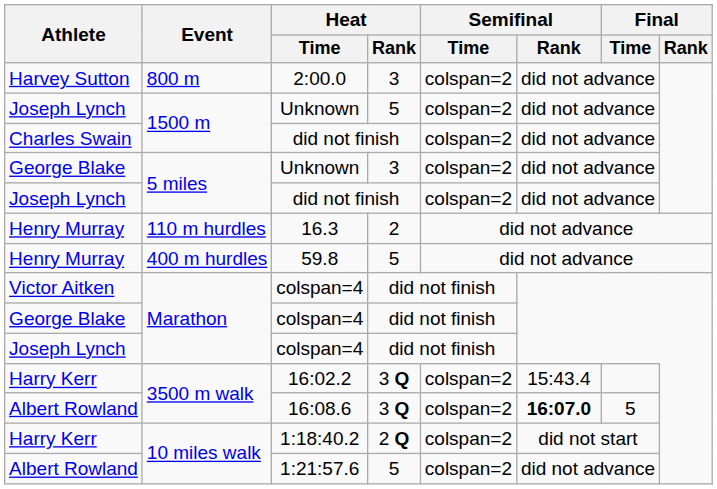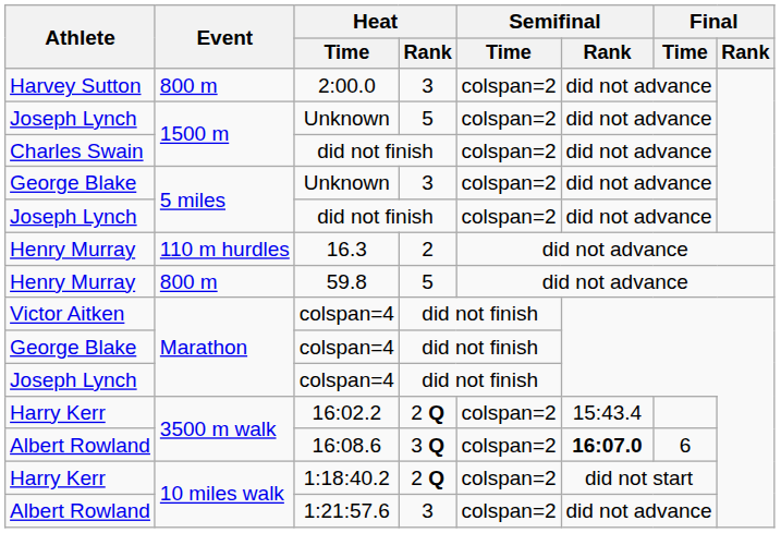 <table class=wikitable style=font-size:90%;text-align:center>
 <tr>
 <th rowspan=2>Athlete</th>
 <th rowspan=2>Event</th>
 <th colspan=2>Heat</th>
 <th colspan=2>Semifinal</th>
 <th colspan=2>Final</th>
 </tr>
 <tr style=font-size:95%>
 <th>Time</th>
 <th>Rank</th>
 <th>Time</th>
 <th>Rank</th>
 <th>Time</th>
 <th>Rank</th>
 </tr>
 <tr>
 <td align=left><a href='#'>Harvey Sutton</a></td>
 <td align=left><a href='#'>800 m</a></td>
 <td>2:00.0</td>
 <td>3</td>
 <td>colspan=2 </td>
 <td colspan=2>did not advance</td>
 </tr>
 <tr>
 <td align=left><a href='#'>Joseph Lynch</a></td>
 <td align=left rowspan=2><a href='#'>1500 m</a></td>
 <td>Unknown</td>
 <td>5</td>
 <td>colspan=2 </td>
 <td colspan=2>did not advance</td>
 </tr>
 <tr>
 <td align=left><a href='#'>Charles Swain</a></td>
 <td colspan=2>did not finish</td>
 <td>colspan=2 </td>
 <td colspan=2>did not advance</td>
 </tr>
 <tr>
 <td align=left><a href='#'>George Blake</a></td>
 <td align=left rowspan=2><a href='#'>5 miles</a></td>
 <td>Unknown</td>
 <td>3</td>
 <td>colspan=2 </td>
 <td colspan=2>did not advance</td>
 </tr>
 <tr>
 <td align=left><a href='#'>Joseph Lynch</a></td>
 <td colspan=2>did not finish</td>
 <td>colspan=2 </td>
 <td colspan=2>did not advance</td>
 </tr>
 <tr>
 <td align=left><a href='#'>Henry Murray</a></td>
 <td align=left><a href='#'>110 m hurdles</a></td>
 <td>16.3</td>
 <td>2</td>
 <td colspan=4>did not advance</td>
 </tr>
 <tr>
 <td align=left><a href='#'>Henry Murray</a></td>
-<td align=left><a href='#'>400 m hurdles</a></td>
+<td align=left><a href='#'>800 m</a></td>
 <td>59.8</td>
 <td>5</td>
 <td colspan=4>did not advance</td>
 </tr>
 <tr>
 <td align=left><a href='#'>Victor Aitken</a></td>
 <td align=left rowspan=3><a href='#'>Marathon</a></td>
 <td>colspan=4 </td>
 <td colspan=2>did not finish</td>
 </tr>
 <tr>
 <td align=left><a href='#'>George Blake</a></td>
 <td>colspan=4 </td>
 <td colspan=2>did not finish</td>
 </tr>
 <tr>
 <td align=left><a href='#'>Joseph Lynch</a></td>
 <td>colspan=4 </td>
 <td colspan=2>did not finish</td>
 </tr>
 <tr>
 <td align=left><a href='#'>Harry Kerr</a></td>
 <td align=left rowspan=2><a href='#'>3500 m walk</a></td>
 <td>16:02.2</td>
-<td>3 <strong>Q</strong></td>
+<td>2 <strong>Q</strong></td>
 <td>colspan=2 </td>
 <td>15:43.4</td>
 <td></td>
 </tr>
 <tr>
 <td align=left><a href='#'>Albert Rowland</a></td>
 <td>16:08.6</td>
 <td>3 <strong>Q</strong></td>
 <td>colspan=2 </td>
 <td><strong>16:07.0</strong></td>
-<td>5</td>
+<td>6</td>
 </tr>
 <tr>
 <td align=left><a href='#'>Harry Kerr</a></td>
 <td align=left rowspan=2><a href='#'>10 miles walk</a></td>
 <td>1:18:40.2</td>
 <td>2 <strong>Q</strong></td>
 <td>colspan=2 </td>
 <td colspan=2>did not start</td>
 </tr>
 <tr>
 <td align=left><a href='#'>Albert Rowland</a></td>
 <td>1:21:57.6</td>
-<td>5</td>
+<td>3</td>
 <td>colspan=2 </td>
 <td colspan=2>did not advance</td>
 </tr>
 </table>
